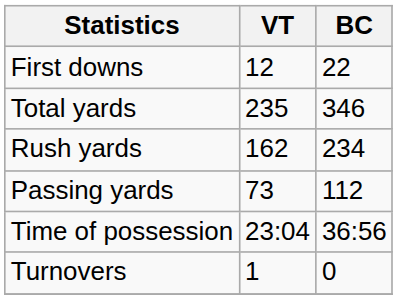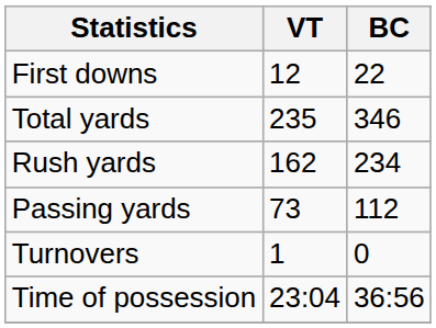 <table class="wikitable" style="float: left;">
 <tr>
 <th>Statistics</th>
 <th>VT</th>
 <th>BC</th>
 </tr>
 <tr>
 <td>First downs</td>
 <td>12</td>
 <td>22</td>
 </tr>
 <tr>
 <td>Total yards</td>
 <td>235</td>
 <td>346</td>
 </tr>
 <tr>
 <td>Rush yards</td>
 <td>162</td>
 <td>234</td>
 </tr>
 <tr>
 <td>Passing yards</td>
 <td>73</td>
 <td>112</td>
 </tr>
 <tr>
+<td>Turnovers</td>
+<td>1</td>
+<td>0</td>
+</tr>
+<tr>
 <td>Time of possession</td>
 <td>23:04</td>
 <td>36:56</td>
 </tr>
 <tr>
-<td>Turnovers</td>
-<td>1</td>
-<td>0</td>
-</tr>
-<tr>
 </tr>
 </table>
